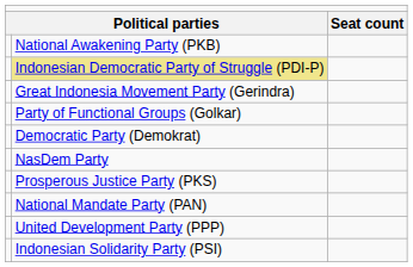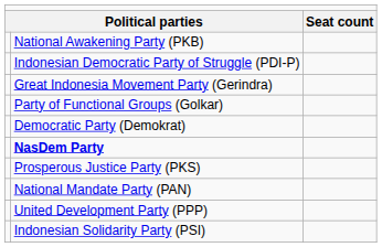 <table class="wikitable">
 <tr>
 <td colspan="4"></td>
 </tr>
 <tr>
 <th colspan="2">Political parties</th>
 <th>Seat count</th>
 </tr>
 <tr>
 <td style="background:"></td>
 <td><a href='#'>National Awakening Party</a> (PKB)</td>
 <td></td>
 </tr>
 <tr>
 <td style="background:"></td>
-<td style="background: khaki;"><a href='#'>Indonesian Democratic Party of Struggle</a> (PDI-P)</td>
+<td><a href='#'>Indonesian Democratic Party of Struggle</a> (PDI-P)</td>
 <td></td>
 </tr>
 <tr>
 <td style="background:"></td>
 <td><a href='#'>Great Indonesia Movement Party</a> (Gerindra)</td>
 <td></td>
 </tr>
 <tr>
 <td style="background:"></td>
 <td><a href='#'>Party of Functional Groups</a> (Golkar)</td>
 <td></td>
 </tr>
 <tr>
 <td style="background:"></td>
 <td><a href='#'>Democratic Party</a> (Demokrat)</td>
 <td></td>
 </tr>
 <tr>
 <td style="background:"></td>
-<td><a href='#'>NasDem Party</a></td>
+<td><strong><a href='#'>NasDem Party</a></strong></td>
 <td></td>
 </tr>
 <tr>
 <td style="background:"></td>
 <td><a href='#'>Prosperous Justice Party</a> (PKS)</td>
 <td></td>
 </tr>
 <tr>
 <td style="background:"></td>
 <td><a href='#'>National Mandate Party</a> (PAN)</td>
 <td></td>
 </tr>
 <tr>
 <td style="background:"></td>
 <td><a href='#'>United Development Party</a> (PPP)</td>
 <td></td>
 </tr>
 <tr>
 <td style="background:"></td>
 <td><a href='#'>Indonesian Solidarity Party</a> (PSI)</td>
 <td></td>
 </tr>
 </table>
